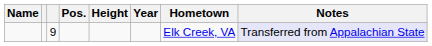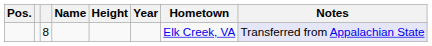 <table class="wikitable sortable" border="1">
 <tr>
-<th>Name</th>
+<th>Pos.</th>
 <th></th>
 <th></th>
-<th>Pos.</th>
+<th>Name</th>
 <th>Height</th>
 <th>Year</th>
 <th>Hometown</th>
 <th class="unsortable">Notes</th>
 </tr>
 <tr>
 <td></td>
 <td></td>
-<td>9</td>
+<td>8</td>
 <td></td>
 <td></td>
 <td></td>
 <td><a href='#'>Elk Creek, VA</a></td>
 <td style="background: lavender;">Transferred from <a href='#'>Appalachian State</a></td>
 </tr>
 </table>
